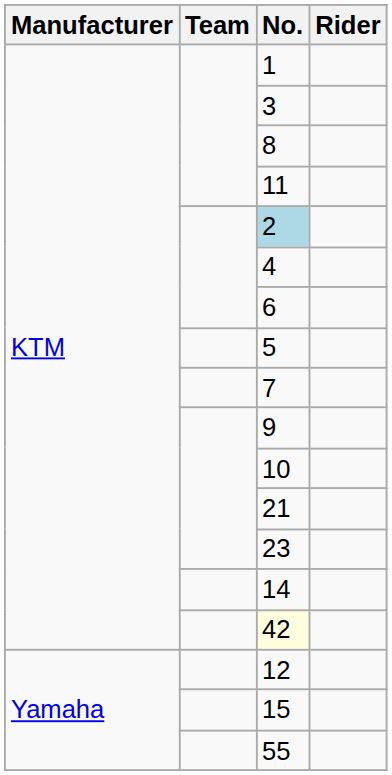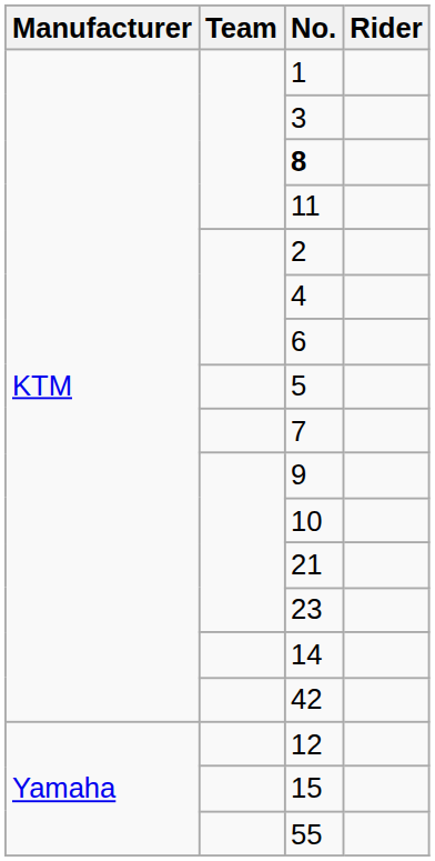 <table class="wikitable" style="font-size:85%; ; width:15%">
 <tr>
 <th>Manufacturer</th>
 <th>Team</th>
 <th>No.</th>
 <th>Rider</th>
 </tr>
 <tr>
 <td rowspan=15> <a href='#'>KTM</a></td>
 <td rowspan=4></td>
 <td>1</td>
 <td></td>
 </tr>
 <tr>
 <td>3</td>
 <td></td>
 </tr>
 <tr>
-<td>8</td>
+<td><strong>8</strong></td>
 <td></td>
 </tr>
 <tr>
 <td>11</td>
 <td></td>
 </tr>
 <tr>
 <td rowspan=3></td>
-<td style="background: lightblue;">2</td>
+<td>2</td>
 <td></td>
 </tr>
 <tr>
 <td>4</td>
 <td></td>
 </tr>
 <tr>
 <td>6</td>
 <td></td>
 </tr>
 <tr>
 <td></td>
 <td>5</td>
 <td></td>
 </tr>
 <tr>
 <td></td>
 <td>7</td>
 <td></td>
 </tr>
 <tr>
 <td rowspan=4></td>
 <td>9</td>
 <td></td>
 </tr>
 <tr>
 <td>10</td>
 <td></td>
 </tr>
 <tr>
 <td>21</td>
 <td></td>
 </tr>
 <tr>
 <td>23</td>
 <td></td>
 </tr>
 <tr>
 <td></td>
 <td>14</td>
 <td></td>
 </tr>
 <tr>
 <td></td>
-<td style="background: lightyellow;">42</td>
+<td>42</td>
 <td></td>
 </tr>
 <tr>
 <td rowspan=3> <a href='#'>Yamaha</a></td>
 <td></td>
 <td>12</td>
 <td></td>
 </tr>
 <tr>
 <td></td>
 <td>15</td>
 <td></td>
 </tr>
 <tr>
 <td></td>
 <td>55</td>
 <td></td>
 </tr>
 </table>
